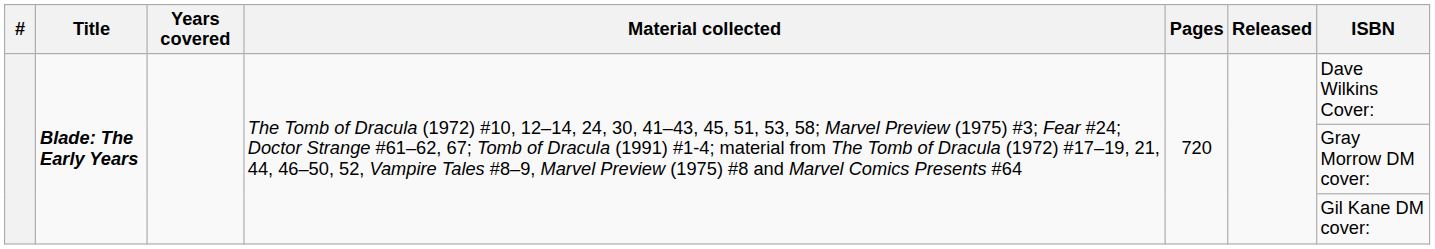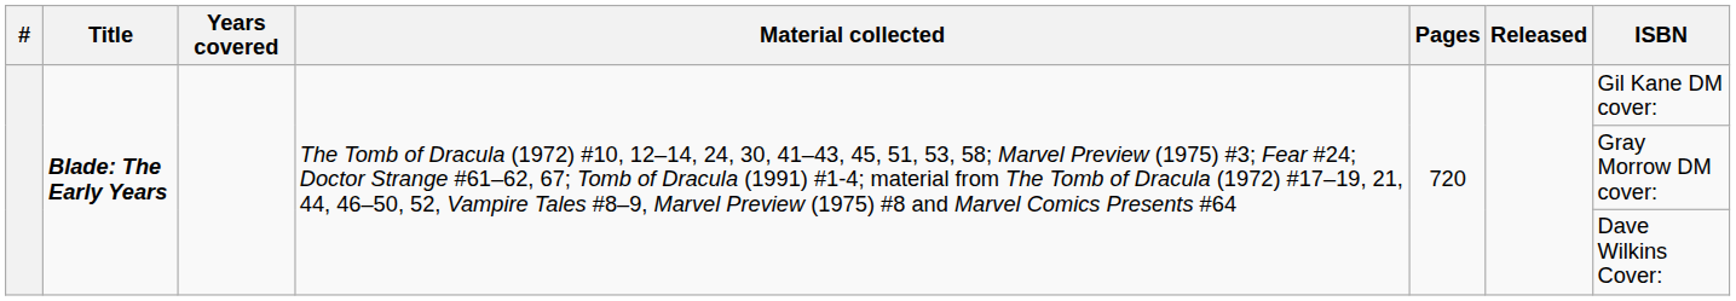 <table class="wikitable sortable" width="99%">
 <tr>
 <th class="unsortable" width="20px">#</th>
 <th>Title</th>
 <th>Years covered</th>
 <th class="unsortable">Material collected</th>
 <th>Pages</th>
 <th>Released</th>
 <th class="unsortable">ISBN</th>
 </tr>
 <tr>
 <th rowspan="3" style="background-color: light grey;"></th>
 <td rowspan="3"><strong><em>Blade: The Early Years</em></strong></td>
 <td rowspan="3"></td>
 <td rowspan="3"><em>The Tomb of Dracula</em> (1972) #10, 12–14, 24, 30, 41–43, 45, 51, 53, 58; <em>Marvel Preview</em> (1975) #3; <em>Fear</em> #24; <em>Doctor Strange</em> #61–62, 67; <em>Tomb of Dracula</em> (1991) #1-4; material from <em>The Tomb of Dracula</em> (1972) #17–19, 21, 44, 46–50, 52, <em>Vampire Tales</em> #8–9, <em>Marvel Preview</em> (1975) #8 and <em>Marvel Comics Presents</em> #64</td>
 <td rowspan="3" style="text-align: center;">720</td>
 <td rowspan="3"></td>
-<td>Dave Wilkins Cover: </td>
+<td>Gil Kane DM cover: </td>
 </tr>
 <tr>
 <td>Gray Morrow DM cover: </td>
 </tr>
 <tr>
-<td>Gil Kane DM cover: </td>
+<td>Dave Wilkins Cover: </td>
 </tr>
 </table>
